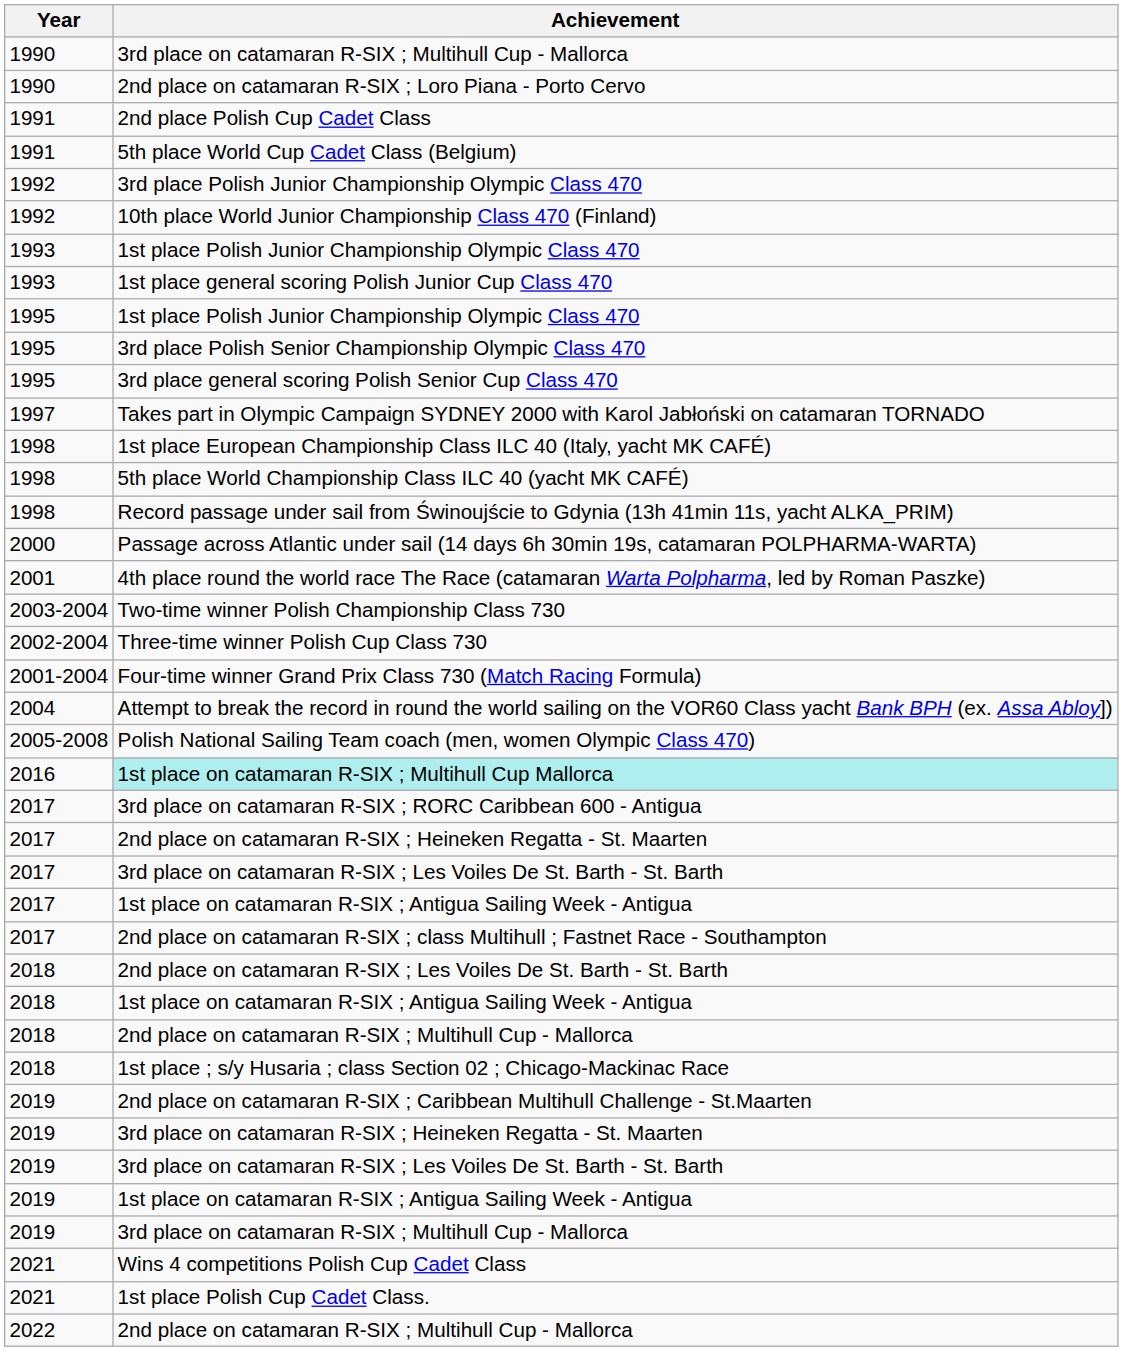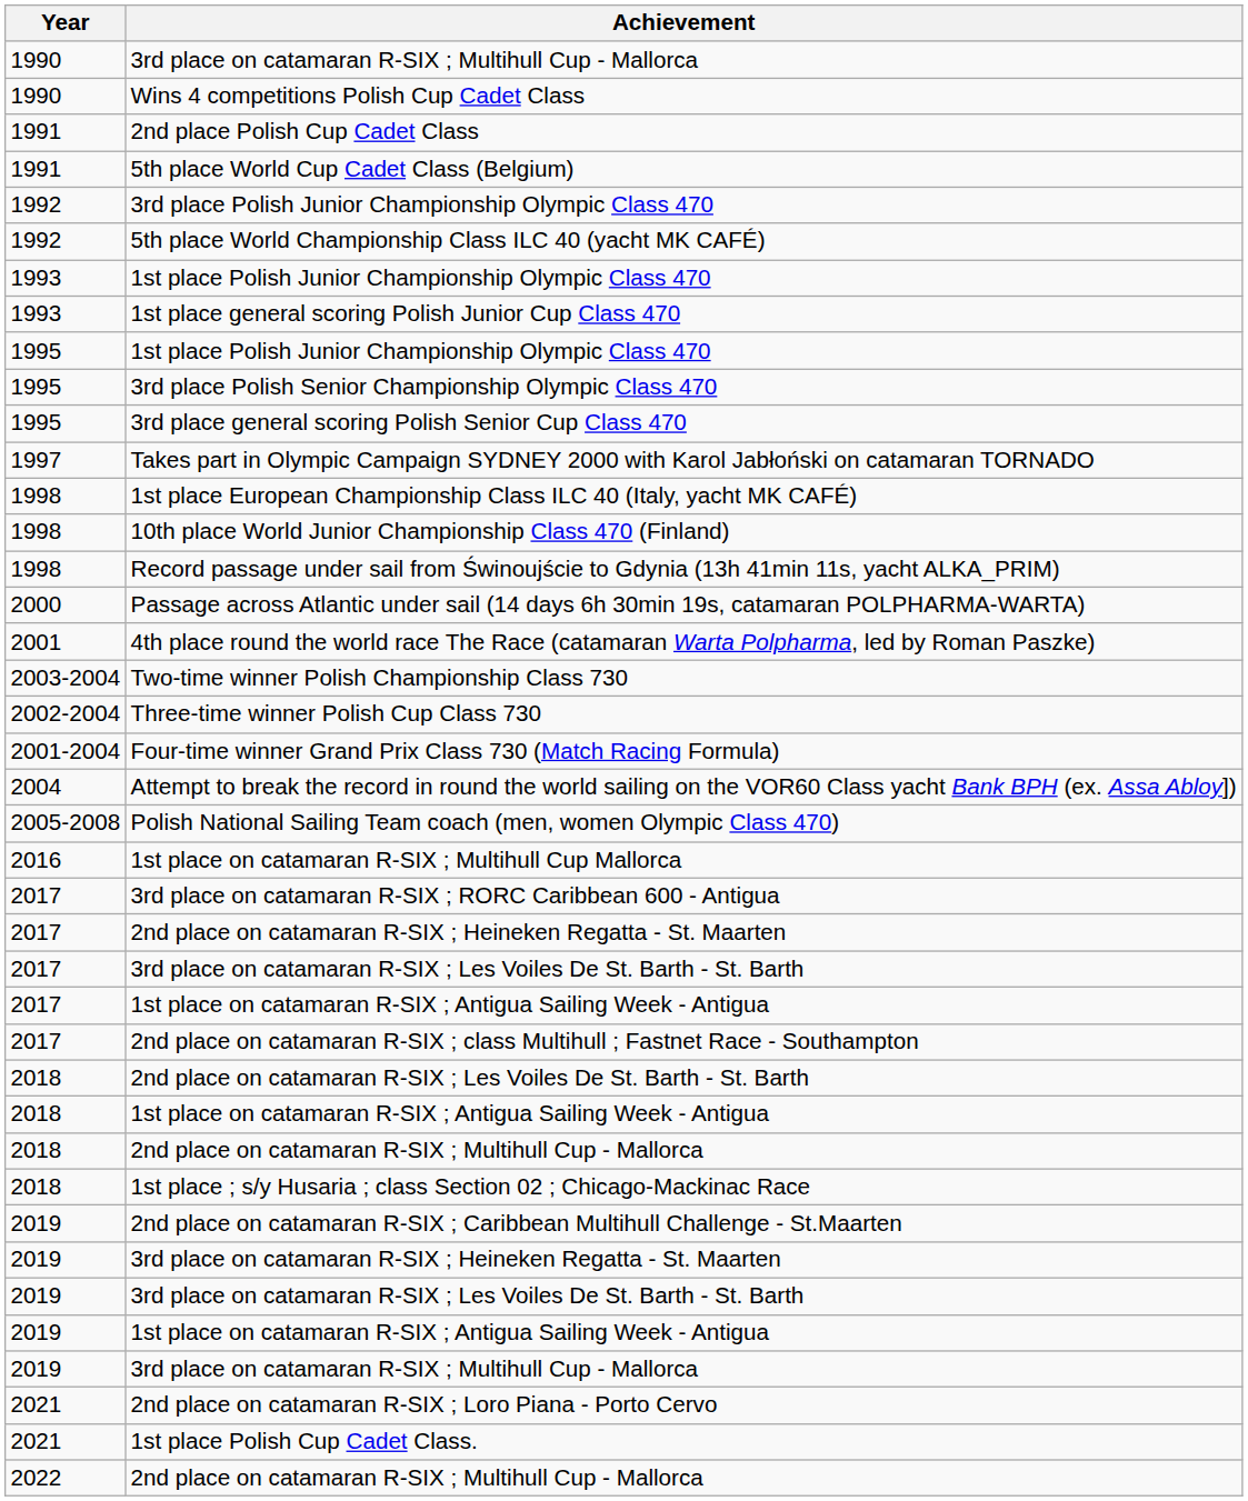 <table class="wikitable">
 <tr>
 <th>Year</th>
 <th>Achievement</th>
 </tr>
 <tr>
 <td>1990</td>
 <td>3rd place on catamaran R-SIX ; Multihull Cup - Mallorca </td>
 </tr>
 <tr>
 <td>1990</td>
-<td>2nd place on catamaran R-SIX ; Loro Piana - Porto Cervo </td>
+<td>Wins 4 competitions Polish Cup <a href='#'>Cadet</a> Class</td>
 </tr>
 <tr>
 <td>1991</td>
 <td>2nd place Polish Cup <a href='#'>Cadet</a> Class</td>
 </tr>
 <tr>
 <td>1991</td>
 <td>5th place World Cup <a href='#'>Cadet</a> Class (Belgium)</td>
 </tr>
 <tr>
 <td>1992</td>
 <td>3rd place Polish Junior Championship Olympic <a href='#'>Class 470</a></td>
 </tr>
 <tr>
 <td>1992</td>
-<td>10th place World Junior Championship <a href='#'>Class 470</a> (Finland)</td>
+<td>5th place World Championship Class ILC 40 (yacht MK CAFÉ)</td>
 </tr>
 <tr>
 <td>1993</td>
 <td>1st place Polish Junior Championship Olympic <a href='#'>Class 470</a></td>
 </tr>
 <tr>
 <td>1993</td>
 <td>1st place general scoring Polish Junior Cup <a href='#'>Class 470</a></td>
 </tr>
 <tr>
 <td>1995</td>
 <td>1st place Polish Junior Championship Olympic <a href='#'>Class 470</a></td>
 </tr>
 <tr>
 <td>1995</td>
 <td>3rd place Polish Senior Championship Olympic <a href='#'>Class 470</a></td>
 </tr>
 <tr>
 <td>1995</td>
 <td>3rd place general scoring Polish Senior Cup <a href='#'>Class 470</a></td>
 </tr>
 <tr>
 <td>1997</td>
 <td>Takes part in Olympic Campaign SYDNEY 2000 with Karol Jabłoński on catamaran TORNADO</td>
 </tr>
 <tr>
 <td>1998</td>
 <td>1st place European Championship Class ILC 40 (Italy, yacht MK CAFÉ)</td>
 </tr>
 <tr>
 <td>1998</td>
-<td>5th place World Championship Class ILC 40 (yacht MK CAFÉ)</td>
+<td>10th place World Junior Championship <a href='#'>Class 470</a> (Finland)</td>
 </tr>
 <tr>
 <td>1998</td>
 <td>Record passage under sail from Świnoujście to Gdynia (13h 41min 11s, yacht ALKA_PRIM)</td>
 </tr>
 <tr>
 <td>2000</td>
 <td>Passage across Atlantic under sail (14 days 6h 30min 19s, catamaran POLPHARMA-WARTA)</td>
 </tr>
 <tr>
 <td>2001</td>
 <td>4th place round the world race The Race (catamaran <em><a href='#'>Warta Polpharma</a></em>, led by Roman Paszke)</td>
 </tr>
 <tr>
 <td>2003-2004</td>
 <td>Two-time winner Polish Championship Class 730</td>
 </tr>
 <tr>
 <td>2002-2004</td>
 <td>Three-time winner Polish Cup Class 730</td>
 </tr>
 <tr>
 <td>2001-2004</td>
 <td>Four-time winner Grand Prix Class 730 (<a href='#'>Match Racing</a> Formula)</td>
 </tr>
 <tr>
 <td>2004</td>
 <td>Attempt to break the record in round the world sailing on the VOR60 Class yacht <em><a href='#'>Bank BPH</a></em> (ex. <em><a href='#'>Assa Abloy</a></em>])</td>
 </tr>
 <tr>
 <td>2005-2008</td>
 <td>Polish National Sailing Team coach (men, women Olympic <a href='#'>Class 470</a>)</td>
 </tr>
 <tr>
 <td>2016</td>
-<td style="background: paleturquoise;">1st place on catamaran R-SIX ; Multihull Cup Mallorca </td>
+<td>1st place on catamaran R-SIX ; Multihull Cup Mallorca </td>
 </tr>
 <tr>
 <td>2017</td>
 <td>3rd place on catamaran R-SIX ; RORC Caribbean 600 - Antigua </td>
 </tr>
 <tr>
 <td>2017</td>
 <td>2nd place on catamaran R-SIX ; Heineken Regatta - St. Maarten </td>
 </tr>
 <tr>
 <td>2017</td>
 <td>3rd place on catamaran R-SIX ; Les Voiles De St. Barth - St. Barth </td>
 </tr>
 <tr>
 <td>2017</td>
 <td>1st place on catamaran R-SIX ; Antigua Sailing Week - Antigua </td>
 </tr>
 <tr>
 <td>2017</td>
 <td>2nd place on catamaran R-SIX ; class Multihull ; Fastnet Race - Southampton </td>
 </tr>
 <tr>
 <td>2018</td>
 <td>2nd place on catamaran R-SIX ; Les Voiles De St. Barth - St. Barth </td>
 </tr>
 <tr>
 <td>2018</td>
 <td>1st place on catamaran R-SIX ; Antigua Sailing Week - Antigua </td>
 </tr>
 <tr>
 <td>2018</td>
 <td>2nd place on catamaran R-SIX ; Multihull Cup - Mallorca </td>
 </tr>
 <tr>
 <td>2018</td>
 <td>1st place ; s/y Husaria ;  class Section 02 ; Chicago-Mackinac Race </td>
 </tr>
 <tr>
 <td>2019</td>
 <td>2nd place on catamaran R-SIX ; Caribbean Multihull Challenge - St.Maarten</td>
 </tr>
 <tr>
 <td>2019</td>
 <td>3rd place on catamaran R-SIX ; Heineken Regatta - St. Maarten </td>
 </tr>
 <tr>
 <td>2019</td>
 <td>3rd place on catamaran R-SIX ; Les Voiles De St. Barth - St. Barth </td>
 </tr>
 <tr>
 <td>2019</td>
 <td>1st place on catamaran R-SIX ; Antigua Sailing Week - Antigua </td>
 </tr>
 <tr>
 <td>2019</td>
 <td>3rd place on catamaran R-SIX ; Multihull Cup - Mallorca </td>
 </tr>
 <tr>
 <td>2021</td>
-<td>Wins 4 competitions Polish Cup <a href='#'>Cadet</a> Class</td>
+<td>2nd place on catamaran R-SIX ; Loro Piana - Porto Cervo </td>
 </tr>
 <tr>
 <td>2021</td>
 <td>1st place Polish Cup <a href='#'>Cadet</a> Class.</td>
 </tr>
 <tr>
 <td>2022</td>
 <td>2nd place on catamaran R-SIX ; Multihull Cup - Mallorca </td>
 </tr>
 </table>
